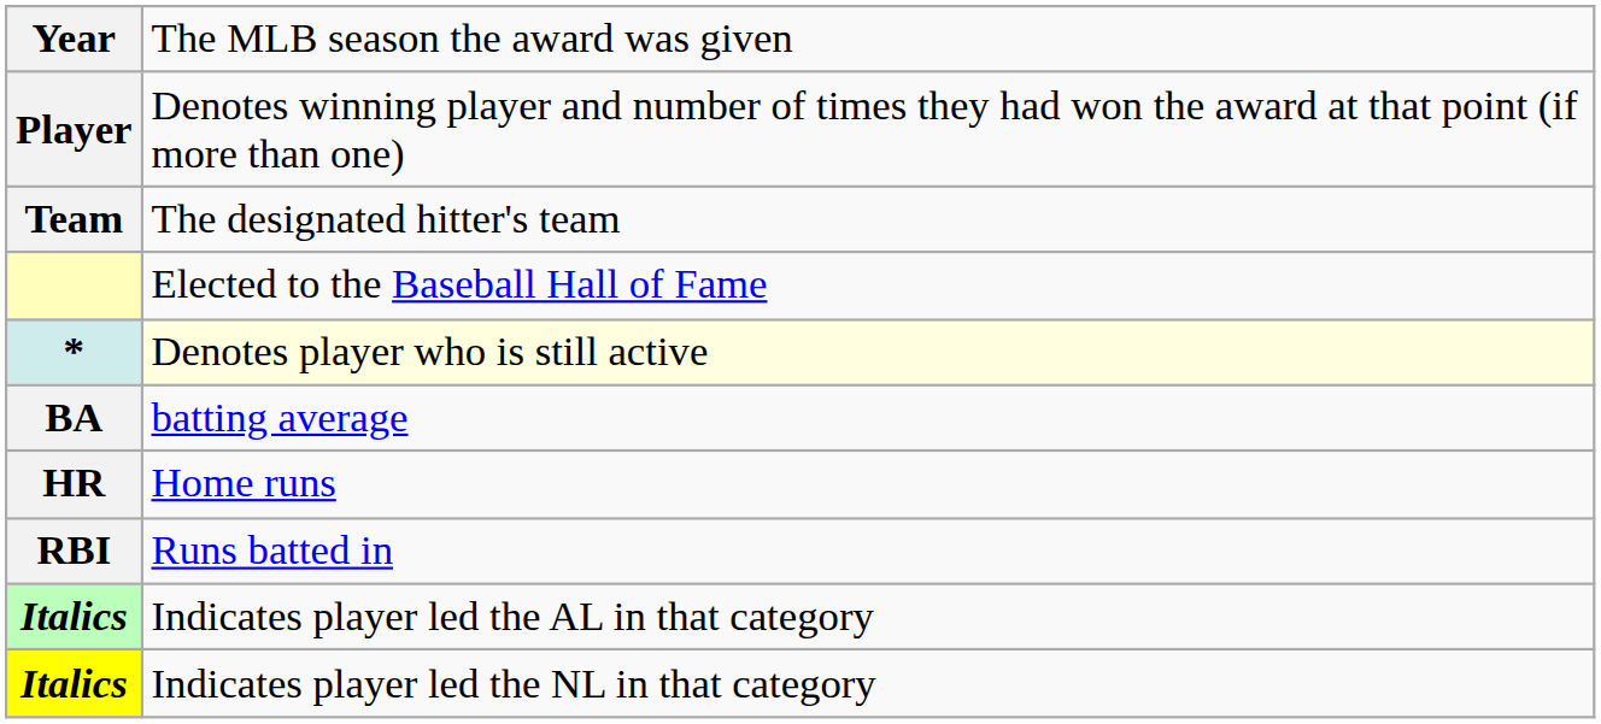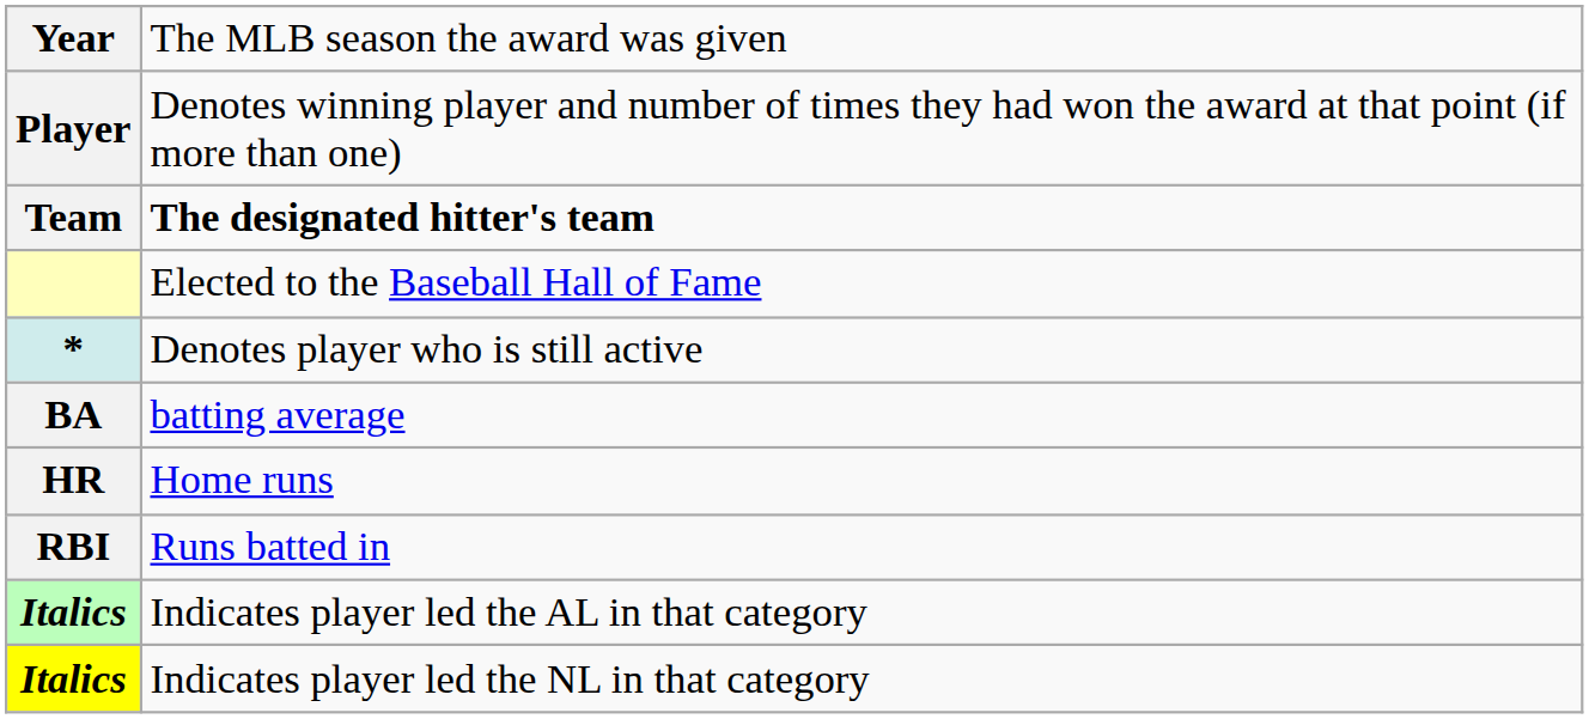 <table class="wikitable">
 <tr>
 <th scope="row">Year</th>
 <td>The MLB season the award was given</td>
 </tr>
 <tr>
 <th scope="row">Player </th>
 <td>Denotes winning player and number of times they had won the award at that point (if more than one)</td>
 </tr>
 <tr>
 <th scope="row">Team</th>
-<td>The designated hitter's team</td>
+<td><strong>The designated hitter's team</strong></td>
 </tr>
 <tr>
 <th scope="row" style="background:#ffb;"></th>
 <td>Elected to the <a href='#'>Baseball Hall of Fame</a></td>
 </tr>
 <tr>
 <th scope="row" style="background:#cfecec;">*</th>
-<td style="background: lightyellow;">Denotes player who is still active</td>
+<td>Denotes player who is still active</td>
 </tr>
 <tr>
 <th scope="row">BA</th>
 <td><a href='#'>batting average</a></td>
 </tr>
 <tr>
 <th scope="row">HR</th>
 <td><a href='#'>Home runs</a></td>
 </tr>
 <tr>
 <th scope="row">RBI</th>
 <td><a href='#'>Runs batted in</a></td>
 </tr>
 <tr>
 <th scope="row" style="background:#bfb;"><em>Italics</em></th>
 <td>Indicates player led the AL in that category</td>
 </tr>
 <tr>
 <th scope="row" style="background:yellow;"><em>Italics</em></th>
 <td>Indicates player led the NL in that category</td>
 </tr>
 </table>
